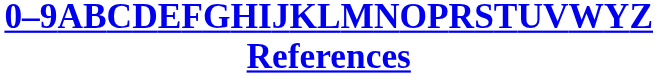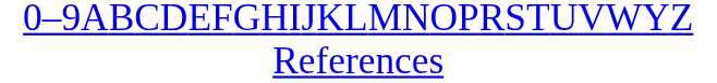 <table id="toc" class="toc" summary="Class" align="center" style="text-align:center;">
 <tr>
 <th></th>
 </tr>
 <tr>
-<td><strong><a href='#'>0–9</a><a href='#'>A</a><a href='#'>B</a><a href='#'>C</a><a href='#'>D</a><a href='#'>E</a><a href='#'>F</a><a href='#'>G</a><a href='#'>H</a><a href='#'>I</a><a href='#'>J</a><a href='#'>K</a><a href='#'>L</a><a href='#'>M</a><a href='#'>N</a><a href='#'>O</a><a href='#'>P</a><a href='#'>R</a><a href='#'>S</a><a href='#'>T</a><a href='#'>U</a><a href='#'>V</a><a href='#'>W</a><a href='#'>Y</a><a href='#'>Z</a><br><a href='#'>References</a></strong></td>
+<td><a href='#'>0–9</a><a href='#'>A</a><a href='#'>B</a><a href='#'>C</a><a href='#'>D</a><a href='#'>E</a><a href='#'>F</a><a href='#'>G</a><a href='#'>H</a><a href='#'>I</a><a href='#'>J</a><a href='#'>K</a><a href='#'>L</a><a href='#'>M</a><a href='#'>N</a><a href='#'>O</a><a href='#'>P</a><a href='#'>R</a><a href='#'>S</a><a href='#'>T</a><a href='#'>U</a><a href='#'>V</a><a href='#'>W</a><a href='#'>Y</a><a href='#'>Z</a><br><a href='#'>References</a></td>
 </tr>
 </table>
